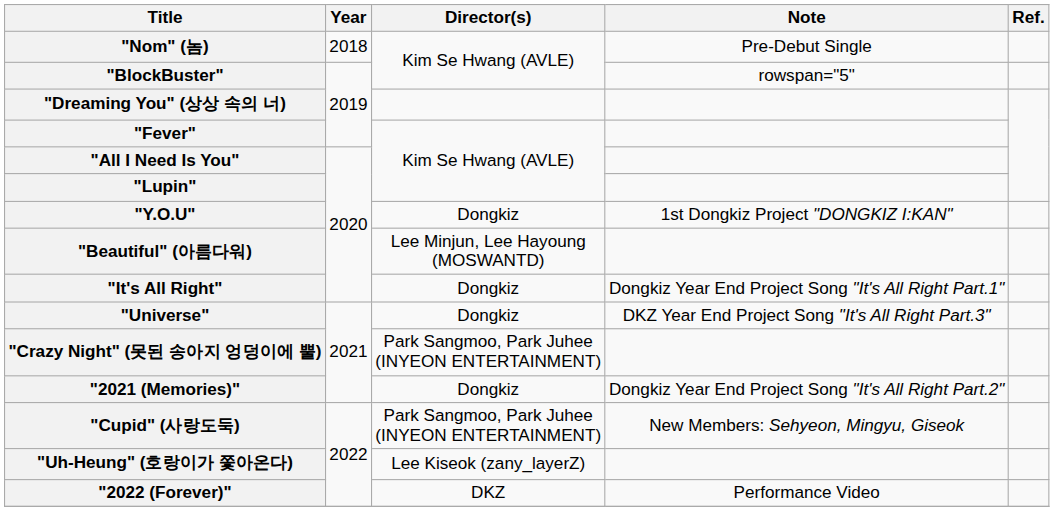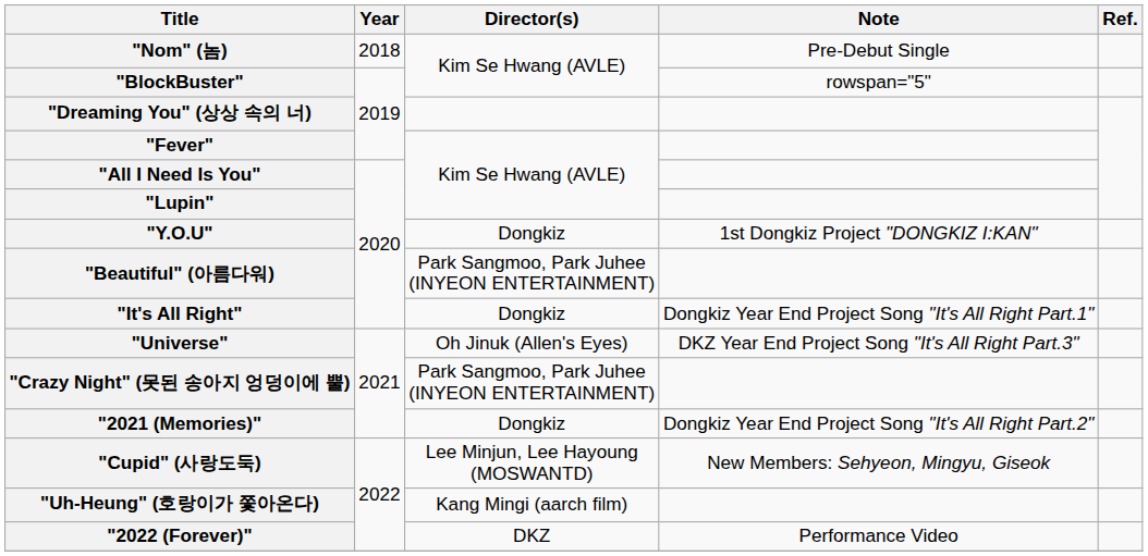 <table class="wikitable plainrowheaders" style="text-align:center; table-layout:fixed; margin-right:0">
 <tr>
 <th scope="col">Title</th>
 <th scope="col">Year</th>
 <th scope="col">Director(s)</th>
 <th scope="col">Note</th>
 <th scope="col">Ref.</th>
 </tr>
 <tr>
 <th scope="row">"Nom" (놈)</th>
 <td>2018</td>
 <td rowspan="2">Kim Se Hwang (AVLE)</td>
 <td>Pre-Debut Single</td>
 <td></td>
 </tr>
 <tr>
 <th scope="row">"BlockBuster"</th>
 <td rowspan="3">2019</td>
 <td>rowspan="5" </td>
 <td></td>
 </tr>
 <tr>
 <th scope="row">"Dreaming You" (상상 속의 너)</th>
 <td></td>
 <td></td>
 </tr>
 <tr>
 <th scope="row">"Fever"</th>
 <td rowspan="3">Kim Se Hwang (AVLE)</td>
 <td></td>
 </tr>
 <tr>
 <th scope="row">"All I Need Is You"</th>
 <td rowspan="5">2020</td>
 <td></td>
 </tr>
 <tr>
 <th scope="row">"Lupin"</th>
 <td></td>
 </tr>
 <tr>
 <th scope="row">"Y.O.U"</th>
 <td>Dongkiz</td>
 <td>1st Dongkiz Project <em>"DONGKIZ I:KAN"</em></td>
 <td></td>
 </tr>
 <tr>
 <th scope="row">"Beautiful" (아름다워)</th>
-<td>Lee Minjun, Lee Hayoung<br>(MOSWANTD)</td>
+<td>Park Sangmoo, Park Juhee<br>(INYEON ENTERTAINMENT)</td>
 <td></td>
 <td></td>
 </tr>
 <tr>
 <th scope="row">"It's All Right"</th>
 <td>Dongkiz</td>
 <td>Dongkiz Year End Project Song <em>"It's All Right Part.1"</em></td>
 <td></td>
 </tr>
 <tr>
 <th scope="row">"Universe"</th>
 <td rowspan="3">2021</td>
-<td>Dongkiz</td>
+<td>Oh Jinuk (Allen's Eyes)</td>
 <td>DKZ Year End Project Song <em>"It's All Right Part.3"</em></td>
 <td></td>
 </tr>
 <tr>
 <th scope="row">"Crazy Night" (못된 송아지 엉덩이에 뿔)</th>
 <td>Park Sangmoo, Park Juhee<br>(INYEON ENTERTAINMENT)</td>
 <td></td>
 <td></td>
 </tr>
 <tr>
 <th scope="row">"2021 (Memories)"</th>
 <td>Dongkiz</td>
 <td>Dongkiz Year End Project Song <em>"It's All Right Part.2"</em></td>
 <td></td>
 </tr>
 <tr>
 <th scope="row">"Cupid" (사랑도둑)</th>
 <td rowspan="3">2022</td>
-<td>Park Sangmoo, Park Juhee<br>(INYEON ENTERTAINMENT)</td>
+<td>Lee Minjun, Lee Hayoung<br>(MOSWANTD)</td>
 <td>New Members: <em>Sehyeon, Mingyu, Giseok</em></td>
 <td></td>
 </tr>
 <tr>
 <th scope="row">"Uh-Heung" (호랑이가 쫓아온다)</th>
-<td>Lee Kiseok (zany_layerZ)</td>
+<td>Kang Mingi (aarch film)</td>
 <td></td>
 <td></td>
 </tr>
 <tr>
 <th scope="row">"2022 (Forever)"</th>
 <td>DKZ</td>
 <td>Performance Video</td>
 <td></td>
 </tr>
 <tr>
 </tr>
 </table>
